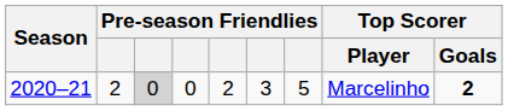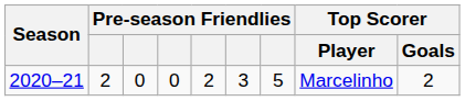 <table class="wikitable sortable" style="text-align: center">
 <tr>
 <th scope="col" rowspan="2">Season</th>
 <th colspan=6 class="unsortable">Pre-season Friendlies<br></th>
 <th scope="col" colspan=3 class="unsortable">Top Scorer</th>
 </tr>
 <tr>
 <th></th>
 <th></th>
 <th></th>
 <th></th>
 <th></th>
 <th></th>
 <th class="unsortable">Player</th>
 <th class="unsortable">Goals</th>
 </tr>
 <tr>
 <td><a href='#'>2020–21</a></td>
 <td>2</td>
-<td style="background: lightgrey;">0</td>
+<td>0</td>
 <td>0</td>
 <td>2</td>
 <td>3</td>
 <td>5</td>
 <td> <a href='#'>Marcelinho</a></td>
-<td><strong>2</strong></td>
+<td>2</td>
 </tr>
 </table>
